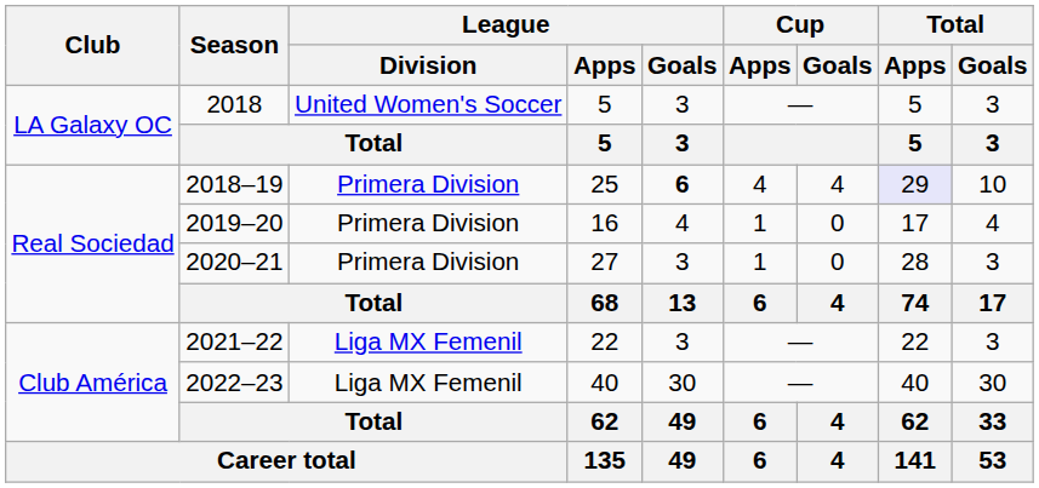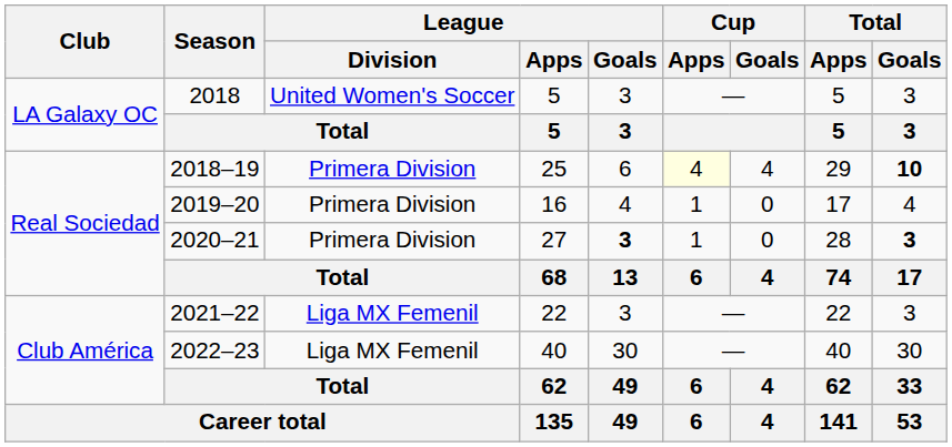 <table class="wikitable" style="text-align:center">
 <tr>
 <th rowspan="2">Club</th>
 <th rowspan="2">Season</th>
 <th colspan="3">League</th>
 <th colspan="2">Cup</th>
 <th colspan="2">Total</th>
 </tr>
 <tr>
 <th>Division</th>
 <th>Apps</th>
 <th>Goals</th>
 <th>Apps</th>
 <th>Goals</th>
 <th>Apps</th>
 <th>Goals</th>
 </tr>
 <tr>
 <td rowspan="2"><a href='#'>LA Galaxy OC</a></td>
 <td>2018</td>
 <td><a href='#'>United Women's Soccer</a></td>
 <td>5</td>
 <td>3</td>
 <td colspan="2">—</td>
 <td>5</td>
 <td>3</td>
 </tr>
 <tr>
 <th colspan="2">Total</th>
 <th>5</th>
 <th>3</th>
 <th colspan="2"></th>
 <th>5</th>
 <th>3</th>
 </tr>
 <tr>
 <td rowspan="4"><a href='#'>Real Sociedad</a></td>
 <td>2018–19</td>
 <td><a href='#'>Primera Division</a></td>
 <td>25</td>
-<td><strong>6</strong></td>
+<td>6</td>
+<td style="background: lightyellow;">4</td>
 <td>4</td>
-<td>4</td>
-<td style="background: lavender;">29</td>
-<td>10</td>
+<td>29</td>
+<td><strong>10</strong></td>
 </tr>
 <tr>
 <td>2019–20</td>
 <td>Primera Division</td>
 <td>16</td>
 <td>4</td>
 <td>1</td>
 <td>0</td>
 <td>17</td>
 <td>4</td>
 </tr>
 <tr>
 <td>2020–21</td>
 <td>Primera Division</td>
 <td>27</td>
-<td>3</td>
+<td><strong>3</strong></td>
 <td>1</td>
 <td>0</td>
 <td>28</td>
-<td>3</td>
+<td><strong>3</strong></td>
 </tr>
 <tr>
 <th colspan="2">Total</th>
 <th>68</th>
 <th>13</th>
 <th>6</th>
 <th>4</th>
 <th>74</th>
 <th>17</th>
 </tr>
 <tr>
 <td rowspan="3"><a href='#'>Club América</a></td>
 <td>2021–22</td>
 <td><a href='#'>Liga MX Femenil</a></td>
 <td>22</td>
 <td>3</td>
 <td colspan="2">—</td>
 <td>22</td>
 <td>3</td>
 </tr>
 <tr>
 <td>2022–23</td>
 <td>Liga MX Femenil</td>
 <td>40</td>
 <td>30</td>
 <td colspan="2">—</td>
 <td>40</td>
 <td>30</td>
 </tr>
 <tr>
 <th colspan="2">Total</th>
 <th>62</th>
 <th>49</th>
 <th>6</th>
 <th>4</th>
 <th>62</th>
 <th>33</th>
 </tr>
 <tr>
 <th colspan="3">Career total</th>
 <th>135</th>
 <th>49</th>
 <th>6</th>
 <th>4</th>
 <th>141</th>
 <th>53</th>
 </tr>
 </table>
